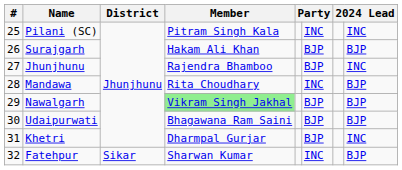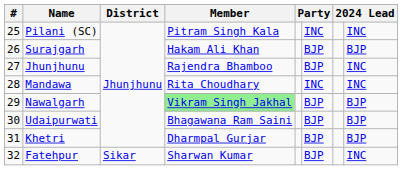 <table class="wikitable">
 <tr>
 <th>#</th>
 <th>Name</th>
 <th>District</th>
 <th>Member</th>
 <th colspan="2">Party</th>
 <th colspan="2">2024 Lead</th>
 </tr>
 <tr>
 <td>25</td>
 <td><a href='#'>Pilani</a> (SC)</td>
 <td rowspan="7"><a href='#'>Jhunjhunu</a></td>
 <td><a href='#'>Pitram Singh Kala</a></td>
 <td style="background-color: "></td>
 <td><a href='#'>INC</a></td>
 <td style="background-color: "></td>
 <td><a href='#'>INC</a></td>
 </tr>
 <tr>
 <td>26</td>
 <td><a href='#'>Surajgarh</a></td>
 <td><a href='#'>Hakam Ali Khan</a></td>
 <td style="background-color: "></td>
 <td><a href='#'>BJP</a></td>
 <td style="background-color: "></td>
 <td><a href='#'>BJP</a></td>
 </tr>
 <tr>
 <td>27</td>
 <td><a href='#'>Jhunjhunu</a></td>
 <td><a href='#'>Rajendra Bhamboo</a></td>
 <td style="background-color: "></td>
 <td><a href='#'>BJP</a></td>
 <td style="background-color: "></td>
 <td><a href='#'>INC</a></td>
 </tr>
 <tr>
 <td>28</td>
 <td><a href='#'>Mandawa</a></td>
 <td><a href='#'>Rita Choudhary</a></td>
 <td style="background-color: "></td>
 <td><a href='#'>INC</a></td>
 <td style="background-color: "></td>
-<td><a href='#'>BJP</a></td>
+<td><a href='#'>INC</a></td>
 </tr>
 <tr>
 <td>29</td>
 <td><a href='#'>Nawalgarh</a></td>
 <td style="background: lightgreen;"><a href='#'>Vikram Singh Jakhal</a></td>
 <td style="background-color: "></td>
 <td><a href='#'>BJP</a></td>
 <td style="background-color: "></td>
 <td><a href='#'>BJP</a></td>
 </tr>
 <tr>
 <td>30</td>
 <td><a href='#'>Udaipurwati</a></td>
 <td><a href='#'>Bhagawana Ram Saini</a></td>
 <td style="background-color: "></td>
 <td><a href='#'>BJP</a></td>
 <td style="background-color: "></td>
 <td><a href='#'>BJP</a></td>
 </tr>
 <tr>
 <td>31</td>
 <td><a href='#'>Khetri</a></td>
 <td><a href='#'>Dharmpal Gurjar</a></td>
 <td style="background-color: "></td>
 <td><a href='#'>BJP</a></td>
 <td style="background-color: "></td>
-<td><a href='#'>INC</a></td>
+<td><a href='#'>BJP</a></td>
 </tr>
 <tr>
 <td>32</td>
 <td><a href='#'>Fatehpur</a></td>
 <td><a href='#'>Sikar</a></td>
 <td><a href='#'>Sharwan Kumar</a></td>
 <td style="background-color: "></td>
+<td><a href='#'>BJP</a></td>
+<td style="background-color: "></td>
 <td><a href='#'>INC</a></td>
-<td style="background-color: "></td>
-<td><a href='#'>BJP</a></td>
 </tr>
 </table>
